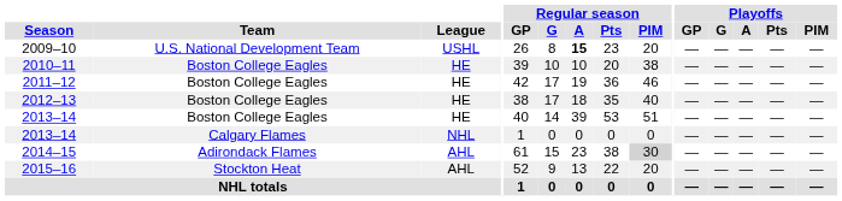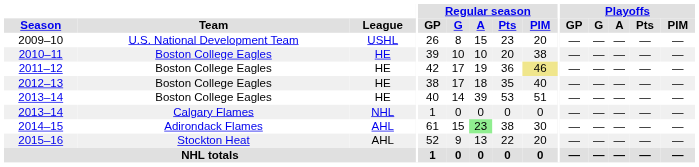 <table border="0" cellpadding="1" cellspacing="0" style="text-align:center; width:60em">
 <tr bgcolor="#e0e0e0">
 <th colspan="3" bgcolor="#ffffff"></th>
 <th rowspan="99" bgcolor="#ffffff"></th>
 <th colspan="5"><a href='#'>Regular season</a></th>
 <th rowspan="99" bgcolor="#ffffff"></th>
 <th colspan="5"><a href='#'>Playoffs</a></th>
 </tr>
 <tr bgcolor="#e0e0e0">
 <th><a href='#'>Season</a></th>
 <th>Team</th>
 <th>League</th>
 <th>GP</th>
 <th><a href='#'>G</a></th>
 <th><a href='#'>A</a></th>
 <th><a href='#'>Pts</a></th>
 <th><a href='#'>PIM</a></th>
 <th>GP</th>
 <th>G</th>
 <th>A</th>
 <th>Pts</th>
 <th>PIM</th>
 </tr>
 <tr>
 <td>2009–10</td>
 <td><a href='#'>U.S. National Development Team</a></td>
 <td><a href='#'>USHL</a></td>
 <td>26</td>
 <td>8</td>
-<td><strong>15</strong></td>
+<td>15</td>
 <td>23</td>
 <td>20</td>
 <td>—</td>
 <td>—</td>
 <td>—</td>
 <td>—</td>
 <td>—</td>
 </tr>
 <tr bgcolor="#f0f0f0">
 <td><a href='#'>2010–11</a></td>
 <td><a href='#'>Boston College Eagles</a></td>
 <td><a href='#'>HE</a></td>
 <td>39</td>
 <td>10</td>
 <td>10</td>
 <td>20</td>
 <td>38</td>
 <td>—</td>
 <td>—</td>
 <td>—</td>
 <td>—</td>
 <td>—</td>
 </tr>
 <tr>
 <td><a href='#'>2011–12</a></td>
 <td>Boston College Eagles</td>
 <td>HE</td>
 <td>42</td>
 <td>17</td>
 <td>19</td>
 <td>36</td>
-<td>46</td>
+<td style="background: khaki;">46</td>
 <td>—</td>
 <td>—</td>
 <td>—</td>
 <td>—</td>
 <td>—</td>
 </tr>
 <tr bgcolor="#f0f0f0">
 <td><a href='#'>2012–13</a></td>
 <td>Boston College Eagles</td>
 <td>HE</td>
 <td>38</td>
 <td>17</td>
 <td>18</td>
 <td>35</td>
 <td>40</td>
 <td>—</td>
 <td>—</td>
 <td>—</td>
 <td>—</td>
 <td>—</td>
 </tr>
 <tr>
 <td><a href='#'>2013–14</a></td>
 <td>Boston College Eagles</td>
 <td>HE</td>
 <td>40</td>
 <td>14</td>
 <td>39</td>
 <td>53</td>
 <td>51</td>
 <td>—</td>
 <td>—</td>
 <td>—</td>
 <td>—</td>
 <td>—</td>
 </tr>
 <tr bgcolor="#f0f0f0">
 <td><a href='#'>2013–14</a></td>
 <td><a href='#'>Calgary Flames</a></td>
 <td><a href='#'>NHL</a></td>
 <td>1</td>
 <td>0</td>
 <td>0</td>
 <td>0</td>
 <td>0</td>
 <td>—</td>
 <td>—</td>
 <td>—</td>
 <td>—</td>
 <td>—</td>
 </tr>
 <tr>
 <td><a href='#'>2014–15</a></td>
 <td><a href='#'>Adirondack Flames</a></td>
 <td><a href='#'>AHL</a></td>
 <td>61</td>
 <td>15</td>
-<td>23</td>
+<td style="background: lightgreen;">23</td>
 <td>38</td>
-<td style="background: lightgrey;">30</td>
+<td>30</td>
 <td>—</td>
 <td>—</td>
 <td>—</td>
 <td>—</td>
 <td>—</td>
 </tr>
 <tr bgcolor="#f0f0f0">
 <td><a href='#'>2015–16</a></td>
 <td><a href='#'>Stockton Heat</a></td>
 <td>AHL</td>
 <td>52</td>
 <td>9</td>
 <td>13</td>
 <td>22</td>
 <td>20</td>
 <td>—</td>
 <td>—</td>
 <td>—</td>
 <td>—</td>
 <td>—</td>
 </tr>
 <tr bgcolor="#e0e0e0">
 <th colspan="3">NHL totals</th>
 <th>1</th>
 <th>0</th>
 <th>0</th>
 <th>0</th>
 <th>0</th>
 <th>—</th>
 <th>—</th>
 <th>—</th>
 <th>—</th>
 <th>—</th>
 </tr>
 </table>
